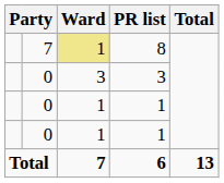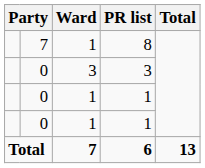 <table class=wikitable style="text-align:right">
 <tr>
 <th colspan=2>Party</th>
 <th>Ward</th>
 <th>PR list</th>
 <th>Total</th>
 </tr>
 <tr>
 <td></td>
 <td>7</td>
-<td style="background: khaki;">1</td>
+<td>1</td>
 <td>8</td>
 </tr>
 <tr>
 <td></td>
 <td>0</td>
 <td>3</td>
 <td>3</td>
 </tr>
 <tr>
 <td></td>
 <td>0</td>
 <td>1</td>
 <td>1</td>
 </tr>
 <tr>
 <td></td>
 <td>0</td>
 <td>1</td>
 <td>1</td>
 </tr>
 <tr>
 <td colspan="2" style="text-align:left"><strong>Total</strong></td>
 <td><strong>7</strong></td>
 <td><strong>6</strong></td>
 <td><strong>13</strong></td>
 </tr>
 </table>
